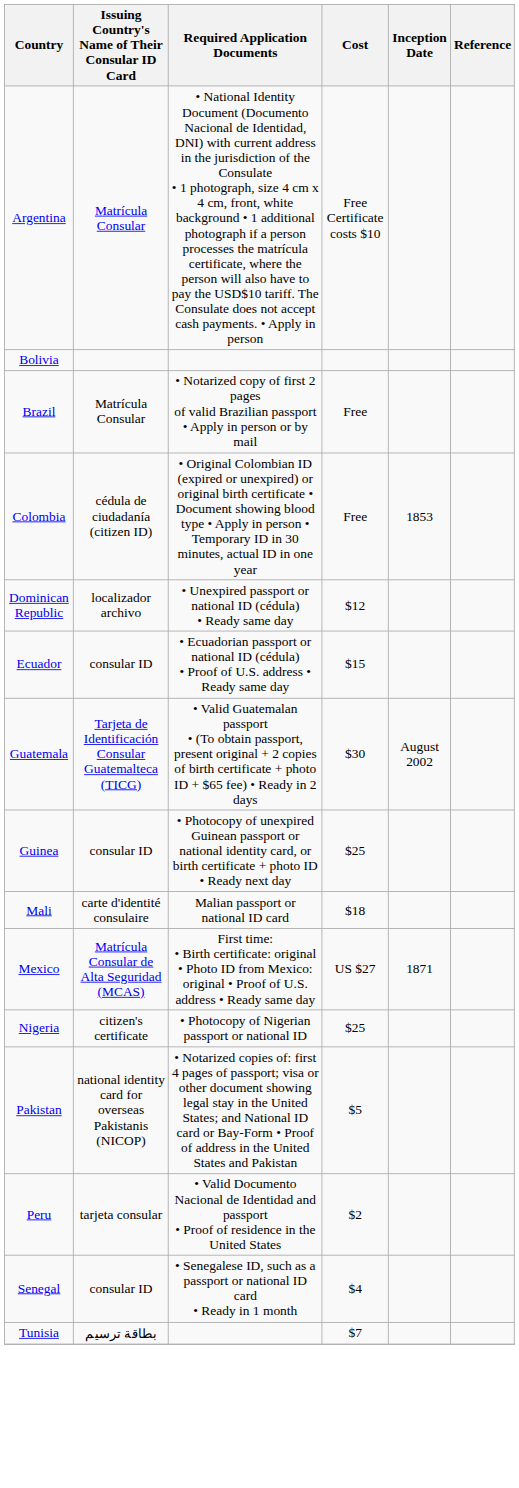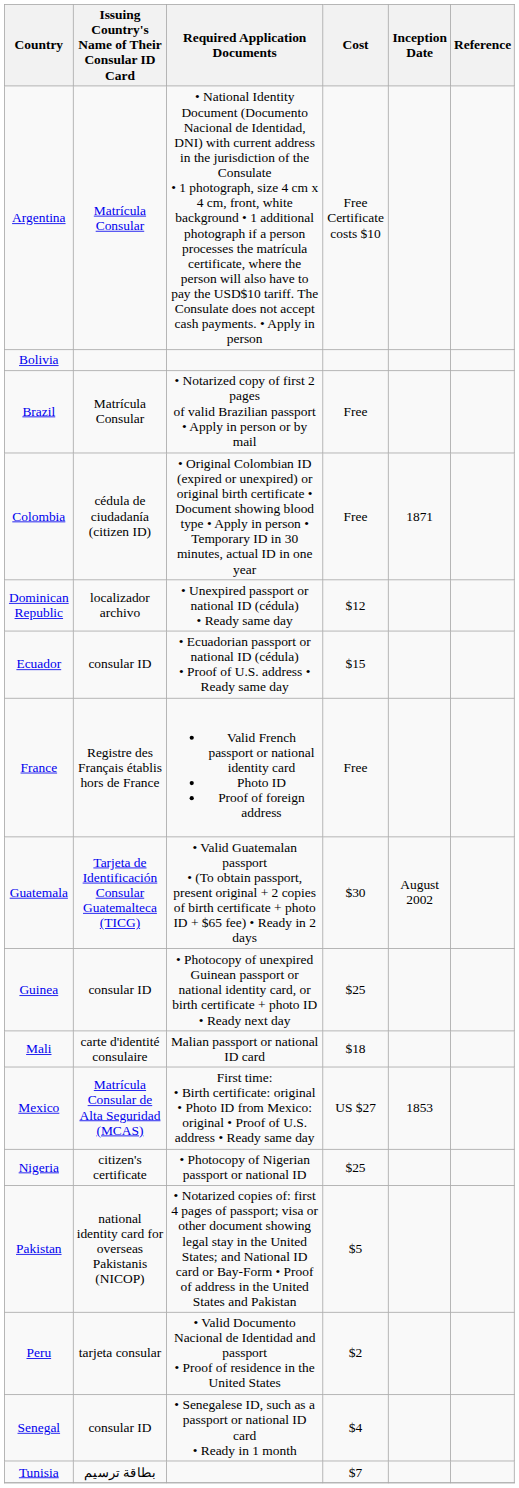 <table class="wikitable sortable" style="text-align:center">
 <tr>
 <th>Country</th>
 <th>Issuing Country's Name of Their Consular ID Card</th>
 <th>Required Application Documents</th>
 <th>Cost</th>
 <th>Inception Date</th>
 <th>Reference</th>
 </tr>
 <tr>
 <td><a href='#'>Argentina</a></td>
 <td><a href='#'>Matrícula Consular</a></td>
 <td>• National Identity Document (Documento Nacional de Identidad, DNI) with current address in the jurisdiction of the Consulate<br>• 1 photograph, size 4 cm x 4 cm, front, white background • 1 additional photograph if a person processes the matrícula certificate, where the person will also have to pay the USD$10 tariff. The Consulate does not accept cash payments. • Apply in person</td>
 <td>Free<br>Certificate costs $10</td>
 <td></td>
 <td></td>
 </tr>
 <tr>
 <td><a href='#'>Bolivia</a></td>
 <td></td>
 <td></td>
 <td></td>
 <td></td>
 <td></td>
 </tr>
 <tr>
 <td><a href='#'>Brazil</a></td>
 <td>Matrícula Consular</td>
 <td>• Notarized copy of first 2 pages<br>of valid Brazilian passport • Apply in person or by mail</td>
 <td>Free</td>
 <td></td>
 <td></td>
 </tr>
 <tr>
 <td><a href='#'>Colombia</a></td>
 <td>cédula de ciudadanía (citizen ID)</td>
 <td>• Original Colombian ID (expired or unexpired) or<br>original birth certificate • Document showing blood type • Apply in person • Temporary ID in 30 minutes, actual ID in one year</td>
 <td>Free</td>
-<td>1853</td>
+<td>1871</td>
 <td></td>
 </tr>
 <tr>
 <td><a href='#'>Dominican Republic</a></td>
 <td>localizador archivo</td>
 <td>• Unexpired passport or national ID (cédula)<br>• Ready same day</td>
 <td>$12</td>
 <td></td>
 <td></td>
 </tr>
 <tr>
 <td><a href='#'>Ecuador</a></td>
 <td>consular ID</td>
 <td>• Ecuadorian passport or national ID (cédula)<br>• Proof of U.S. address • Ready same day</td>
 <td>$15</td>
+<td></td>
+<td></td>
+</tr>
+<tr>
+<td><a href='#'>France</a></td>
+<td>Registre des Français établis hors de France</td>
+<td><br><ul><li>Valid French passport or national identity card</li><li>Photo ID</li><li>Proof of foreign address</li></ul></td>
+<td>Free</td>
 <td></td>
 <td></td>
 </tr>
 <tr>
 <td><a href='#'>Guatemala</a></td>
 <td><a href='#'>Tarjeta de Identificación Consular Guatemalteca (TICG)</a></td>
 <td>• Valid Guatemalan passport<br>• (To obtain passport, present original + 2 copies of birth certificate + photo ID + $65 fee) • Ready in 2 days</td>
 <td>$30</td>
 <td>August 2002</td>
 <td></td>
 </tr>
 <tr>
 <td><a href='#'>Guinea</a></td>
 <td>consular ID</td>
 <td>• Photocopy of unexpired Guinean passport or<br>national identity card, or birth certificate + photo ID • Ready next day</td>
 <td>$25</td>
 <td></td>
 <td></td>
 </tr>
 <tr>
 <td><a href='#'>Mali</a></td>
 <td>carte d'identité consulaire</td>
 <td>Malian passport or national ID card</td>
 <td>$18</td>
 <td></td>
 <td></td>
 </tr>
 <tr>
 <td><a href='#'>Mexico</a></td>
 <td><a href='#'>Matrícula Consular de Alta Seguridad (MCAS)</a></td>
 <td>First time:<br>• Birth certificate: original • Photo ID from Mexico: original • Proof of U.S. address • Ready same day</td>
 <td>US $27</td>
-<td>1871</td>
+<td>1853</td>
 <td> </td>
 </tr>
 <tr>
 <td><a href='#'>Nigeria</a></td>
 <td>citizen's certificate</td>
 <td>• Photocopy of Nigerian passport or national ID</td>
 <td>$25</td>
 <td></td>
 <td></td>
 </tr>
 <tr>
 <td><a href='#'>Pakistan</a></td>
 <td>national identity card for overseas Pakistanis (NICOP)</td>
 <td>• Notarized copies of: first 4 pages of passport; visa or<br>other document showing legal stay in the United States; and National ID card or Bay-Form • Proof of address in the United States and Pakistan</td>
 <td>$5</td>
 <td></td>
 <td></td>
 </tr>
 <tr>
 <td><a href='#'>Peru</a></td>
 <td>tarjeta consular</td>
 <td>• Valid Documento Nacional de Identidad and passport<br>• Proof of residence in the United States</td>
 <td>$2</td>
 <td></td>
 <td></td>
 </tr>
 <tr>
 <td><a href='#'>Senegal</a></td>
 <td>consular ID</td>
 <td>• Senegalese ID, such as a passport or national ID card<br>• Ready in 1 month</td>
 <td>$4</td>
 <td></td>
 <td></td>
 </tr>
 <tr>
 <td><a href='#'>Tunisia</a></td>
 <td>بطاقة ترسيم</td>
 <td></td>
 <td>$7</td>
 <td></td>
 <td></td>
 </tr>
 <tr>
 </tr>
 </table>
